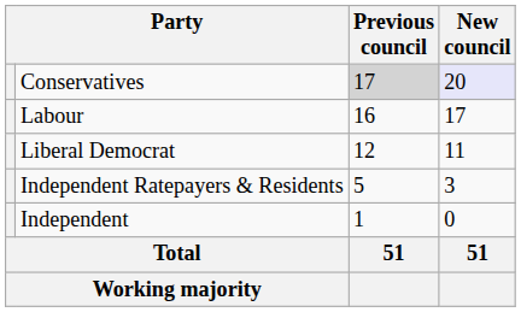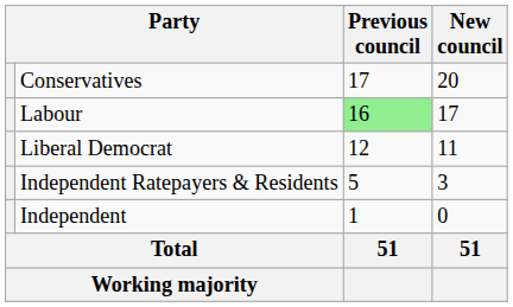 <table class="wikitable">
 <tr>
 <th valign=top colspan="2" style="width: 230px">Party</th>
 <th valign=top style="width: 30px">Previous council</th>
 <th valign=top style="width: 30px">New council</th>
 </tr>
 <tr>
 <th style="background-color: "></th>
 <td>Conservatives</td>
-<td style="background: lightgrey;">17</td>
-<td style="background: lavender;">20</td>
+<td>17</td>
+<td>20</td>
 </tr>
 <tr>
 <th style="background-color: "></th>
 <td>Labour</td>
-<td>16</td>
+<td style="background: lightgreen;">16</td>
 <td>17</td>
 </tr>
 <tr>
 <th style="background-color: "></th>
 <td>Liberal Democrat</td>
 <td>12</td>
 <td>11</td>
 </tr>
 <tr>
 <th style="background-color: "></th>
 <td>Independent Ratepayers & Residents</td>
 <td>5</td>
 <td>3</td>
 </tr>
 <tr>
 <th style="background-color: "></th>
 <td>Independent</td>
 <td>1</td>
 <td>0</td>
 </tr>
 <tr>
 <th colspan=2>Total</th>
 <th style="text-align: center">51</th>
 <th colspan=3>51</th>
 </tr>
 <tr>
 <th colspan=2>Working majority</th>
 <th></th>
 <th></th>
 </tr>
 </table>
